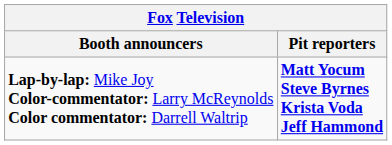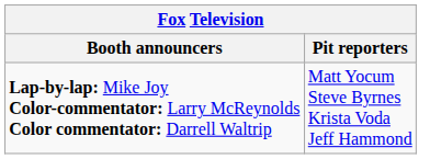 <table class="wikitable" style="font-size: 95%;">
 <tr>
 <th colspan="2"><a href='#'>Fox</a> <a href='#'>Television</a></th>
 </tr>
 <tr>
 <th>Booth announcers</th>
 <th>Pit reporters</th>
 </tr>
 <tr>
 <td><strong>Lap-by-lap:</strong> <a href='#'>Mike Joy</a><br><strong>Color-commentator:</strong> <a href='#'>Larry McReynolds</a><br><strong>Color commentator:</strong> <a href='#'>Darrell Waltrip</a></td>
-<td><strong><a href='#'>Matt Yocum</a><br><a href='#'>Steve Byrnes</a><br><a href='#'>Krista Voda</a><br><a href='#'>Jeff Hammond</a></strong></td>
+<td><a href='#'>Matt Yocum</a><br><a href='#'>Steve Byrnes</a><br><a href='#'>Krista Voda</a><br><a href='#'>Jeff Hammond</a></td>
 </tr>
 </table>
